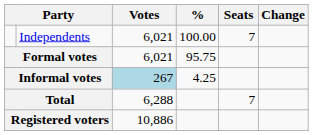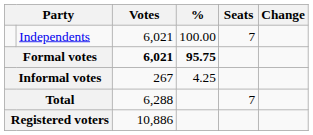 <table class="wikitable" style="text-align:right; margin-bottom:0">
 <tr>
 <th style="width:10px" colspan=3>Party</th>
 <th style="width:70px;">Votes</th>
 <th style="width:40px;">%</th>
 <th style="width:40px;">Seats</th>
 <th style="width:40px;">Change</th>
 </tr>
 <tr>
 <td> </td>
 <td style="text-align:left;" colspan="2"><a href='#'>Independents</a></td>
 <td>6,021</td>
 <td>100.00</td>
 <td>7</td>
 <td></td>
 </tr>
 <tr>
 <th colspan="3" rowspan="1"> Formal votes</th>
-<td>6,021</td>
-<td>95.75</td>
+<td><strong>6,021</strong></td>
+<td><strong>95.75</strong></td>
 <td></td>
 <td></td>
 </tr>
 <tr>
 <th colspan="3" rowspan="1"> Informal votes</th>
-<td style="background: lightblue;">267</td>
+<td>267</td>
 <td>4.25</td>
 <td></td>
 <td></td>
 </tr>
 <tr>
 <th colspan="3" rowspan="1"> Total</th>
 <td>6,288</td>
 <td></td>
 <td>7</td>
 <td></td>
 </tr>
 <tr>
 <th colspan="3" rowspan="1"> Registered voters</th>
 <td>10,886</td>
 <td></td>
 <td></td>
 <td></td>
 </tr>
 </table>
